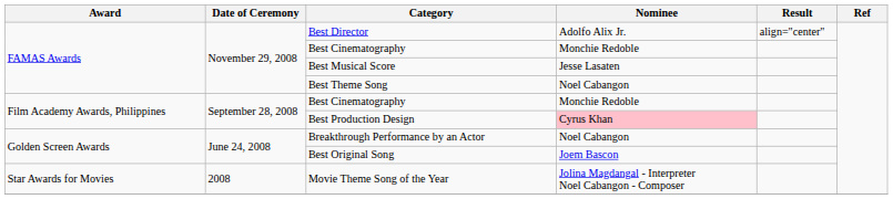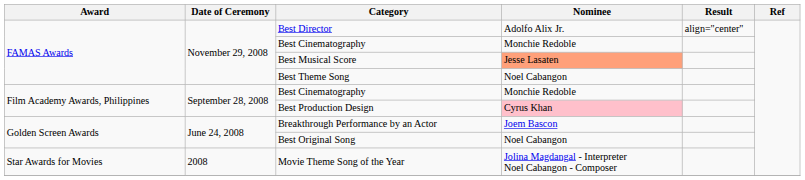 <table class="wikitable" style="margin:1em auto; width:100%;">
 <tr>
 <th style="width:20%;">Award</th>
 <th style="width:10%;">Date of Ceremony</th>
 <th style="width:25%;">Category</th>
 <th style="width:20%;">Nominee</th>
 <th style="width:8%;">Result</th>
 <th style="width:5%;">Ref</th>
 </tr>
 <tr>
 <td rowspan="4"><a href='#'>FAMAS Awards</a></td>
 <td rowspan="4">November 29, 2008</td>
 <td><a href='#'>Best Director</a></td>
 <td>Adolfo Alix Jr.</td>
 <td>align="center" </td>
 <td rowspan="9" align="center"></td>
 </tr>
 <tr>
 <td>Best Cinematography</td>
 <td>Monchie Redoble</td>
 <td></td>
 </tr>
 <tr>
 <td>Best Musical Score</td>
-<td>Jesse Lasaten</td>
+<td style="background: lightsalmon;">Jesse Lasaten</td>
 <td></td>
 </tr>
 <tr>
 <td>Best Theme Song</td>
 <td>Noel Cabangon</td>
 <td></td>
 </tr>
 <tr>
 <td rowspan="2">Film Academy Awards, Philippines</td>
 <td rowspan="2">September 28, 2008</td>
 <td>Best Cinematography</td>
 <td>Monchie Redoble</td>
 <td></td>
 </tr>
 <tr>
 <td>Best Production Design</td>
 <td style="background: pink;">Cyrus Khan</td>
 <td></td>
 </tr>
 <tr>
 <td rowspan="2">Golden Screen Awards</td>
 <td rowspan="2">June 24, 2008</td>
 <td>Breakthrough Performance by an Actor</td>
-<td>Noel Cabangon</td>
+<td><a href='#'>Joem Bascon</a></td>
 <td></td>
 </tr>
 <tr>
 <td>Best Original Song</td>
-<td><a href='#'>Joem Bascon</a></td>
+<td>Noel Cabangon</td>
 <td></td>
 </tr>
 <tr>
 <td>Star Awards for Movies</td>
 <td>2008</td>
 <td>Movie Theme Song of the Year</td>
 <td><a href='#'>Jolina Magdangal</a> - Interpreter <br> Noel Cabangon - Composer</td>
 <td></td>
 </tr>
 <tr>
 </tr>
 </table>
